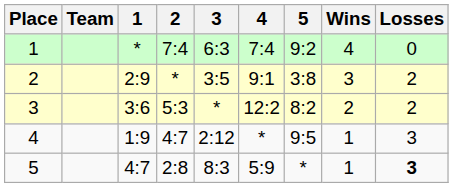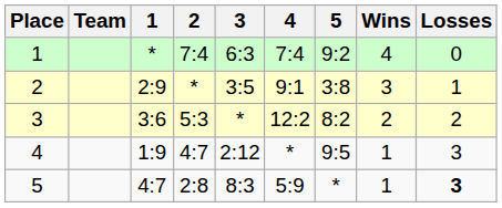 <table class="wikitable" style="text-align:center;">
 <tr>
 <th>Place</th>
 <th>Team</th>
 <th width="25">1</th>
 <th width="25">2</th>
 <th width="25">3</th>
 <th width="25">4</th>
 <th width="25">5</th>
 <th>Wins</th>
 <th>Losses</th>
 </tr>
 <tr bgcolor=#cfc>
 <td>1</td>
 <td align=left></td>
 <td>*</td>
 <td>7:4</td>
 <td>6:3</td>
 <td>7:4</td>
 <td>9:2</td>
 <td>4</td>
 <td>0</td>
 </tr>
 <tr bgcolor=#ffc>
 <td>2</td>
 <td align=left></td>
 <td>2:9</td>
 <td>*</td>
 <td>3:5</td>
 <td>9:1</td>
 <td>3:8</td>
 <td>3</td>
-<td>2</td>
+<td>1</td>
 </tr>
 <tr bgcolor=#ffc>
 <td>3</td>
 <td align=left></td>
 <td>3:6</td>
 <td>5:3</td>
 <td>*</td>
 <td>12:2</td>
 <td>8:2</td>
 <td>2</td>
 <td>2</td>
 </tr>
 <tr>
 <td>4</td>
 <td align=left></td>
 <td>1:9</td>
 <td>4:7</td>
 <td>2:12</td>
 <td>*</td>
 <td>9:5</td>
 <td>1</td>
 <td>3</td>
 </tr>
 <tr>
 <td>5</td>
 <td align=left></td>
 <td>4:7</td>
 <td>2:8</td>
 <td>8:3</td>
 <td>5:9</td>
 <td>*</td>
 <td>1</td>
 <td><strong>3</strong></td>
 </tr>
 </table>
